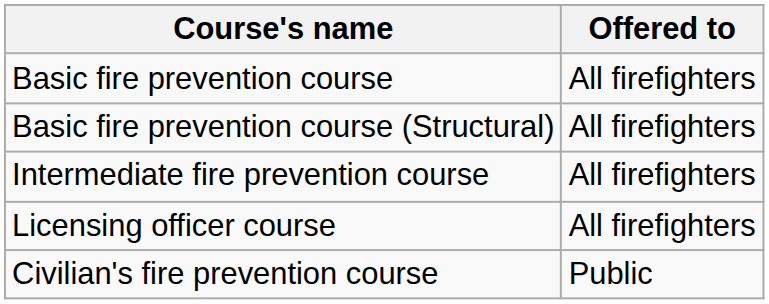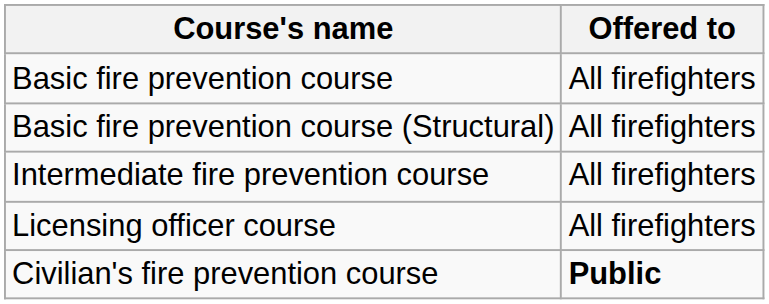 <table class="wikitable">
 <tr>
 <th>Course's name</th>
 <th>Offered to</th>
 </tr>
 <tr>
 <td>Basic fire prevention course</td>
 <td>All firefighters</td>
 </tr>
 <tr>
 <td>Basic fire prevention course (Structural)</td>
 <td>All firefighters</td>
 </tr>
 <tr>
 <td>Intermediate fire prevention course</td>
 <td>All firefighters</td>
 </tr>
 <tr>
 <td>Licensing officer course</td>
 <td>All firefighters</td>
 </tr>
 <tr>
 <td>Civilian's fire prevention course</td>
-<td>Public</td>
+<td><strong>Public</strong></td>
 </tr>
 </table>
